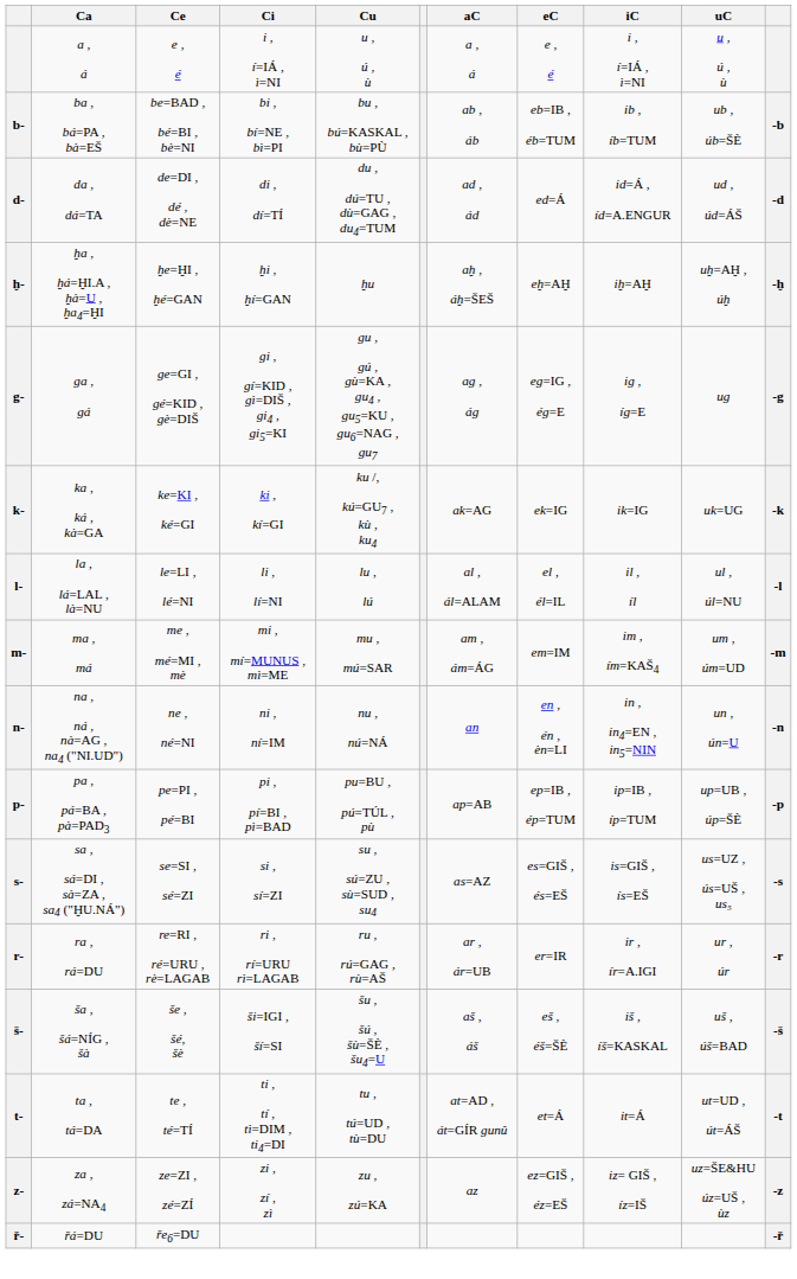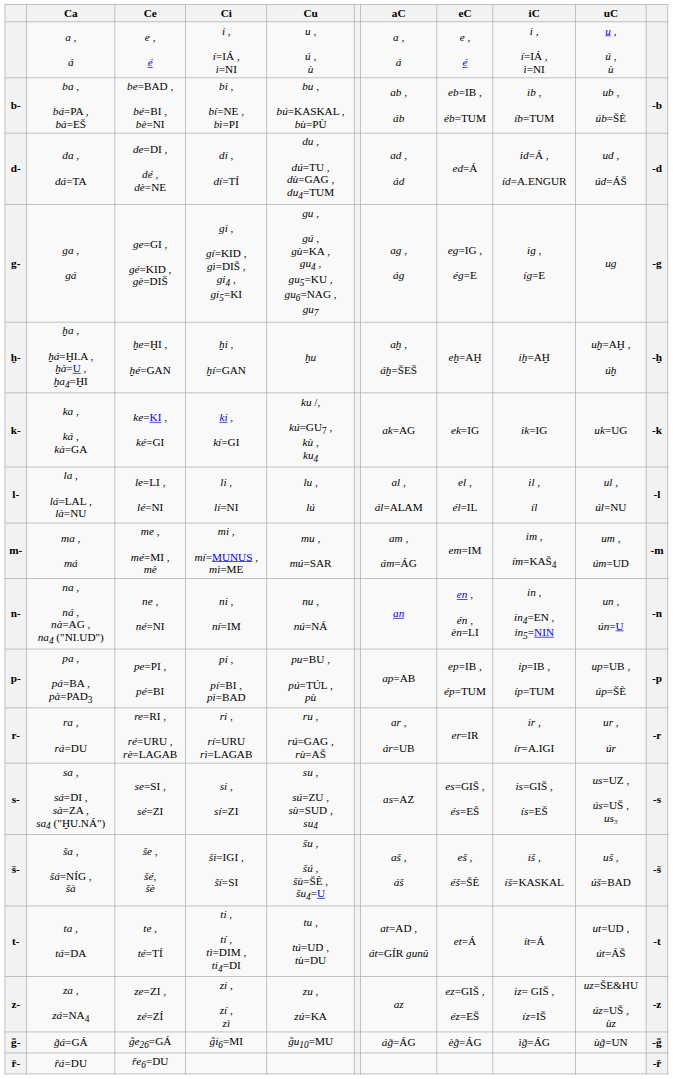 <table class="wikitable" style="margin:1em auto; width:75%;">
 <tr>
 <th></th>
 <th>Ca</th>
 <th>Ce</th>
 <th>Ci</th>
 <th>Cu</th>
 <th></th>
 <th>aC</th>
 <th>eC</th>
 <th>iC</th>
 <th>uC</th>
 <th></th>
 </tr>
 <tr style="text-align:center">
 <th></th>
 <td><em>a</em> ,<br><br><em>á</em> </td>
 <td><em>e</em> ,<br><br><em><a href='#'>é</a></em> </td>
 <td><em>i</em> ,<br><br><em>í</em>=IÁ ,<br> <em>ì</em>=NI </td>
 <td><em>u</em> ,<br><br><em>ú</em> ,<br> <em>ù</em> </td>
 <th></th>
 <td><em>a</em> ,<br><br><em>á</em> </td>
 <td><em>e</em> ,<br><br><em><a href='#'>é</a></em> </td>
 <td><em>i</em> ,<br><br><em>í</em>=IÁ ,<br> <em>ì</em>=NI </td>
 <td><em><a href='#'>u</a></em> ,<br><br><em>ú</em> ,<br> <em>ù</em> </td>
 <th></th>
 </tr>
 <tr style="text-align:center">
 <th>b-</th>
 <td><em>ba</em> ,<br><br><em>bá</em>=PA ,<br> <em>bà</em>=EŠ </td>
 <td><em>be</em>=BAD ,<br><br><em>bé</em>=BI ,<br> <em>bè</em>=NI </td>
 <td><em>bi</em> ,<br><br><em>bí</em>=NE ,<br> <em>bì</em>=PI </td>
 <td><em>bu</em> ,<br><br><em>bú</em>=KASKAL ,<br> <em>bù</em>=PÙ </td>
 <th></th>
 <td><em>ab</em> ,<br><br><em>áb</em> </td>
 <td><em>eb</em>=IB ,<br><br><em>éb</em>=TUM </td>
 <td><em>ib</em> ,<br><br><em>íb</em>=TUM </td>
 <td><em>ub</em> ,<br><br><em>úb</em>=ŠÈ </td>
 <th>-b</th>
 </tr>
 <tr style="text-align:center">
 <th>d-</th>
 <td><em>da</em> ,<br><br><em>dá</em>=TA </td>
 <td><em>de</em>=DI ,<br><br><em>dé</em> ,<br> <em>dè</em>=NE </td>
 <td><em>di</em> ,<br><br><em>dí</em>=TÍ </td>
 <td><em>du</em> ,<br><br><em>dú</em>=TU ,<br> <em>dù</em>=GAG ,<br> <em>du<sub>4</sub></em>=TUM </td>
 <th></th>
 <td><em>ad</em> ,<br><br><em>ád</em> </td>
 <td><em>ed</em>=Á </td>
 <td><em>id</em>=Á ,<br><br><em>íd</em>=A.ENGUR </td>
 <td><em>ud</em> ,<br><br><em>úd</em>=ÁŠ </td>
 <th>-d</th>
 </tr>
 <tr style="text-align:center">
+<th>g-</th>
+<td><em>ga</em> ,<br><br><em>gá</em> </td>
+<td><em>ge</em>=GI ,<br><br><em>gé</em>=KID ,<br> <em>gè</em>=DIŠ </td>
+<td><em>gi</em> ,<br><br><em>gí</em>=KID ,<br> <em>gì</em>=DIŠ ,<br> <em>gi<sub>4</sub></em> ,<br> <em>gi<sub>5</sub></em>=KI </td>
+<td><em>gu</em> ,<br><br><em>gú</em> ,<br> <em>gù</em>=KA ,<br> <em>gu<sub>4</sub></em> ,<br> <em>gu<sub>5</sub></em>=KU ,<br> <em>gu<sub>6</sub></em>=NAG ,<br> <em>gu<sub>7</sub></em> </td>
+<th></th>
+<td><em>ag</em> ,<br><br><em>ág</em> </td>
+<td><em>eg</em>=IG ,<br><br><em>ég</em>=E </td>
+<td><em>ig</em> ,<br><br><em>íg</em>=E </td>
+<td><em>ug</em> </td>
+<th>-g</th>
+</tr>
+<tr style="text-align:center">
 <th>ḫ-</th>
 <td><em>ḫa</em> ,<br><br><em>ḫá</em>=ḪI.A ,<br> <em>ḫà</em>=<a href='#'>U</a> ,<br> <em>ḫa<sub>4</sub></em>=ḪI </td>
 <td><em>ḫe</em>=ḪI ,<br><br><em>ḫé</em>=GAN </td>
 <td><em>ḫi</em> ,<br><br><em>ḫí</em>=GAN </td>
 <td><em>ḫu</em> </td>
 <th></th>
 <td><em>aḫ</em> ,<br><br><em>áḫ</em>=ŠEŠ </td>
 <td><em>eḫ</em>=AḪ </td>
 <td><em>iḫ</em>=AḪ </td>
 <td><em>uḫ</em>=AḪ ,<br><br><em>úḫ</em> </td>
 <th>-ḫ</th>
-</tr>
-<tr style="text-align:center">
-<th>g-</th>
-<td><em>ga</em> ,<br><br><em>gá</em> </td>
-<td><em>ge</em>=GI ,<br><br><em>gé</em>=KID ,<br> <em>gè</em>=DIŠ </td>
-<td><em>gi</em> ,<br><br><em>gí</em>=KID ,<br> <em>gì</em>=DIŠ ,<br> <em>gi<sub>4</sub></em> ,<br> <em>gi<sub>5</sub></em>=KI </td>
-<td><em>gu</em> ,<br><br><em>gú</em> ,<br> <em>gù</em>=KA ,<br> <em>gu<sub>4</sub></em> ,<br> <em>gu<sub>5</sub></em>=KU ,<br> <em>gu<sub>6</sub></em>=NAG ,<br> <em>gu<sub>7</sub></em> </td>
-<th></th>
-<td><em>ag</em> ,<br><br><em>ág</em> </td>
-<td><em>eg</em>=IG ,<br><br><em>ég</em>=E </td>
-<td><em>ig</em> ,<br><br><em>íg</em>=E </td>
-<td><em>ug</em> </td>
-<th>-g</th>
 </tr>
 <tr style="text-align:center">
 <th>k-</th>
 <td><em>ka</em> ,<br><br><em>ká</em> ,<br> <em>kà</em>=GA </td>
 <td><em>ke</em>=<a href='#'>KI</a> ,<br><br><em>ké</em>=GI </td>
 <td><em><a href='#'>ki</a></em> ,<br><br><em>kí</em>=GI </td>
 <td><em>ku</em> /,<br><br><em>kú</em>=GU<sub>7</sub> ,<br> <em>kù</em> ,<br> <em>ku<sub>4</sub></em> </td>
 <th></th>
 <td><em>ak</em>=AG </td>
 <td><em>ek</em>=IG </td>
 <td><em>ik</em>=IG </td>
 <td><em>uk</em>=UG </td>
 <th>-k</th>
 </tr>
 <tr style="text-align:center">
 <th>l-</th>
 <td><em>la</em> ,<br><br><em>lá</em>=LAL ,<br> <em>là</em>=NU </td>
 <td><em>le</em>=LI ,<br><br><em>lé</em>=NI </td>
 <td><em>li</em> ,<br><br><em>lí</em>=NI </td>
 <td><em>lu</em> ,<br><br><em>lú</em> </td>
 <th></th>
 <td><em>al</em> ,<br><br><em>ál</em>=ALAM </td>
 <td><em>el</em> ,<br><br><em>él</em>=IL </td>
 <td><em>il</em> ,<br><br><em>íl</em> </td>
 <td><em>ul</em> ,<br><br><em>úl</em>=NU </td>
 <th>-l</th>
 </tr>
 <tr style="text-align:center">
 <th>m-</th>
 <td><em>ma</em> ,<br><br><em>má</em> </td>
 <td><em>me</em> ,<br><br><em>mé</em>=MI ,<br> <em>mè</em> </td>
 <td><em>mi</em> ,<br><br><em>mí</em>=<a href='#'>MUNUS</a> ,<br> <em>mì</em>=ME </td>
 <td><em>mu</em> ,<br><br><em>mú</em>=SAR </td>
 <th></th>
 <td><em>am</em> ,<br><br><em>ám</em>=ÁG </td>
 <td><em>em</em>=IM </td>
 <td><em>im</em> ,<br><br><em>ím</em>=KAŠ<sub>4</sub> </td>
 <td><em>um</em> ,<br><br><em>úm</em>=UD </td>
 <th>-m</th>
 </tr>
 <tr style="text-align:center">
 <th>n-</th>
 <td><em>na</em> ,<br><br><em>ná</em> ,<br> <em>nà</em>=AG ,<br> <em>na<sub>4</sub></em> ("NI.UD") </td>
 <td><em>ne</em> ,<br><br><em>né</em>=NI </td>
 <td><em>ni</em> ,<br><br><em>ní</em>=IM </td>
 <td><em>nu</em> ,<br><br><em>nú</em>=NÁ </td>
 <th></th>
 <td><em><a href='#'>an</a></em> </td>
 <td><em><a href='#'>en</a></em> ,<br><br><em>én</em> ,<br> <em>èn</em>=LI </td>
 <td><em>in</em> ,<br><br><em>in<sub>4</sub></em>=EN ,<br> <em>in<sub>5</sub></em>=<a href='#'>NIN</a> </td>
 <td><em>un</em> ,<br><br><em>ún</em>=<a href='#'>U</a> </td>
 <th>-n</th>
 </tr>
 <tr style="text-align:center">
 <th>p-</th>
 <td><em>pa</em> ,<br><br><em>pá</em>=BA ,<br> <em>pà</em>=PAD<sub>3</sub> </td>
 <td><em>pe</em>=PI ,<br><br><em>pé</em>=BI </td>
 <td><em>pi</em> ,<br><br><em>pí</em>=BI ,<br> <em>pì</em>=BAD </td>
 <td><em>pu</em>=BU ,<br><br><em>pú</em>=TÚL ,<br> <em>pù</em> </td>
 <th></th>
 <td><em>ap</em>=AB </td>
 <td><em>ep</em>=IB , <br><br><em>ép</em>=TUM </td>
 <td><em>ip</em>=IB ,<br><br><em>íp</em>=TUM </td>
 <td><em>up</em>=UB ,<br><br><em>úp</em>=ŠÈ </td>
 <th>-p</th>
 </tr>
 <tr style="text-align:center">
+<th>r-</th>
+<td><em>ra</em> ,<br><br><em>rá</em>=DU </td>
+<td><em>re</em>=RI ,<br><br><em>ré</em>=URU ,<br> <em>rè</em>=LAGAB </td>
+<td><em>ri</em> ,<br><br><em>rí</em>=URU <br> <em>rì</em>=LAGAB </td>
+<td><em>ru</em> ,<br><br><em>rú</em>=GAG ,<br> <em>rù</em>=AŠ </td>
+<th></th>
+<td><em>ar</em> ,<br><br><em>ár</em>=UB </td>
+<td><em>er</em>=IR </td>
+<td><em>ir</em> ,<br><br><em>ír</em>=A.IGI </td>
+<td><em>ur</em> ,<br><br><em>úr</em> </td>
+<th>-r</th>
+</tr>
+<tr style="text-align:center">
 <th>s-</th>
 <td><em>sa</em> ,<br><br><em>sá</em>=DI ,<br> <em>sà</em>=ZA ,<br> <em>sa<sub>4</sub></em> ("ḪU.NÁ") </td>
 <td><em>se</em>=SI ,<br><br><em>sé</em>=ZI </td>
 <td><em>si</em> ,<br><br><em>sí</em>=ZI </td>
 <td><em>su</em> ,<br><br><em>sú</em>=ZU ,<br> <em>sù</em>=SUD ,<br> <em>su<sub>4</sub></em> </td>
 <th></th>
 <td><em>as</em>=AZ </td>
 <td><em>es</em>=GIŠ ,<br><br><em>és</em>=EŠ </td>
 <td><em>is</em>=GIŠ ,<br><br><em>ís</em>=EŠ </td>
 <td><em>us</em>=UZ ,<br><br><em>ús</em>=UŠ ,<br> <em>us₅</em> </td>
 <th>-s</th>
-</tr>
-<tr style="text-align:center">
-<th>r-</th>
-<td><em>ra</em> ,<br><br><em>rá</em>=DU </td>
-<td><em>re</em>=RI ,<br><br><em>ré</em>=URU ,<br> <em>rè</em>=LAGAB </td>
-<td><em>ri</em> ,<br><br><em>rí</em>=URU <br> <em>rì</em>=LAGAB </td>
-<td><em>ru</em> ,<br><br><em>rú</em>=GAG ,<br> <em>rù</em>=AŠ </td>
-<th></th>
-<td><em>ar</em> ,<br><br><em>ár</em>=UB </td>
-<td><em>er</em>=IR </td>
-<td><em>ir</em> ,<br><br><em>ír</em>=A.IGI </td>
-<td><em>ur</em> ,<br><br><em>úr</em> </td>
-<th>-r</th>
 </tr>
 <tr style="text-align:center">
 <th>š-</th>
 <td><em>ša</em> ,<br><br><em>šá</em>=NÍG ,<br> <em>šà</em> </td>
 <td><em>še</em> ,<br><br><em>šé</em>, <br> <em>šè</em> </td>
 <td><em>ši</em>=IGI ,<br><br><em>ší</em>=SI </td>
 <td><em>šu</em> ,<br><br><em>šú</em> ,<br> <em>šù</em>=ŠÈ ,<br> <em>šu<sub>4</sub></em>=<a href='#'>U</a> </td>
 <th></th>
 <td><em>aš</em> ,<br><br><em>áš</em> </td>
 <td><em>eš</em> ,<br><br><em>éš</em>=ŠÈ </td>
 <td><em>iš</em> ,<br><br><em>íš</em>=KASKAL </td>
 <td><em>uš</em> ,<br><br><em>úš</em>=BAD </td>
 <th>-š</th>
 </tr>
 <tr style="text-align:center">
 <th>t-</th>
 <td><em>ta</em> ,<br><br><em>tá</em>=DA </td>
 <td><em>te</em> ,<br><br><em>té</em>=TÍ </td>
 <td><em>ti</em> ,<br><br><em>tí</em> ,<br> <em>tì</em>=DIM ,<br> <em>ti<sub>4</sub></em>=DI </td>
 <td><em>tu</em> ,<br><br><em>tú</em>=UD ,<br> <em>tù</em>=DU </td>
 <th></th>
 <td><em>at</em>=AD ,<br><br><em>át</em>=GÍR <em>gunû</em> </td>
 <td><em>et</em>=Á </td>
 <td><em>it</em>=Á </td>
 <td><em>ut</em>=UD ,<br><br><em>út</em>=ÁŠ </td>
 <th>-t</th>
 </tr>
 <tr style="text-align:center">
 <th>z-</th>
 <td><em>za</em> ,<br><br><em>zá</em>=NA<sub>4</sub> </td>
 <td><em>ze</em>=ZI ,<br><br><em>zé</em>=ZÍ </td>
 <td><em>zi</em> ,<br><br><em>zí</em> ,<br> <em>zì</em> </td>
 <td><em>zu</em> ,<br><br><em>zú</em>=KA </td>
 <th></th>
 <td><em>az</em> </td>
 <td><em>ez</em>=GIŠ ,<br><br><em>éz</em>=EŠ </td>
 <td><em>iz</em>= GIŠ ,<br><br><em>íz</em>=IŠ </td>
 <td><em>uz</em>=ŠE&HU <br><br><em>úz</em>=UŠ ,<br> <em>ùz</em> </td>
 <th>-z</th>
 </tr>
 <tr style="text-align:center">
+<th>g̃-</th>
+<td><em>g̃á</em>=GÁ </td>
+<td><em>g̃e<sub>26</sub></em>=GÁ </td>
+<td><em>g̃i<sub>6</sub></em>=MI </td>
+<td><em>g̃u<sub>10</sub></em>=MU </td>
+<th></th>
+<td><em>ág̃</em>=ÁG </td>
+<td><em>èg̃</em>=ÁG </td>
+<td><em>ìg̃</em>=ÁG </td>
+<td><em>ùg̃</em>=UN </td>
+<th>-g̃</th>
+</tr>
+<tr style="text-align:center">
 <th>ř-</th>
 <td><em>řá</em>=DU </td>
 <td><em>ře<sub>6</sub></em>=DU </td>
 <td></td>
 <td></td>
 <th></th>
 <td></td>
 <td></td>
 <td></td>
 <td></td>
 <th>-ř</th>
 </tr>
 </table>
